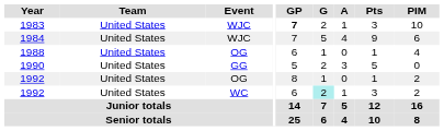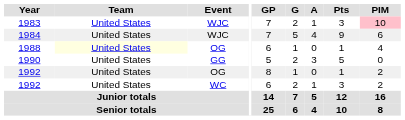 <table border="0" cellpadding="1" cellspacing="0" ID="Table3" style="text-align:center; width:40em">
 <tr ALIGN="center" bgcolor="#e0e0e0">
 <th>Year</th>
 <th>Team</th>
 <th>Event</th>
 <th rowspan="99" bgcolor="#ffffff"></th>
 <th>GP</th>
 <th>G</th>
 <th>A</th>
 <th>Pts</th>
 <th>PIM</th>
 </tr>
 <tr>
 <td><a href='#'>1983</a></td>
 <td><a href='#'>United States</a></td>
 <td><a href='#'>WJC</a></td>
-<td><strong>7</strong></td>
+<td>7</td>
 <td>2</td>
 <td>1</td>
 <td>3</td>
-<td>10</td>
+<td style="background: pink;">10</td>
 </tr>
 <tr bgcolor="#f0f0f0">
 <td><a href='#'>1984</a></td>
 <td>United States</td>
 <td>WJC</td>
 <td>7</td>
 <td>5</td>
 <td>4</td>
 <td>9</td>
 <td>6</td>
 </tr>
 <tr>
 <td><a href='#'>1988</a></td>
-<td><a href='#'>United States</a></td>
+<td style="background: lightyellow;"><a href='#'>United States</a></td>
 <td><a href='#'>OG</a></td>
 <td>6</td>
 <td>1</td>
 <td>0</td>
 <td>1</td>
 <td>4</td>
 </tr>
 <tr>
 <td><a href='#'>1990</a></td>
 <td>United States</td>
 <td><a href='#'>GG</a></td>
 <td>5</td>
 <td>2</td>
 <td>3</td>
 <td>5</td>
 <td>0</td>
 </tr>
 <tr bgcolor="#f0f0f0">
 <td><a href='#'>1992</a></td>
 <td>United States</td>
 <td>OG</td>
 <td>8</td>
 <td>1</td>
 <td>0</td>
 <td>1</td>
 <td>2</td>
 </tr>
 <tr>
 <td><a href='#'>1992</a></td>
 <td>United States</td>
 <td><a href='#'>WC</a></td>
 <td>6</td>
-<td style="background: paleturquoise;">2</td>
+<td>2</td>
 <td>1</td>
 <td>3</td>
 <td>2</td>
 </tr>
 <tr bgcolor="#e0e0e0">
 <th colspan="3">Junior totals</th>
 <th>14</th>
 <th>7</th>
 <th>5</th>
 <th>12</th>
 <th>16</th>
 </tr>
 <tr bgcolor="#e0e0e0">
 <th colspan="3">Senior totals</th>
 <th>25</th>
 <th>6</th>
 <th>4</th>
 <th>10</th>
 <th>8</th>
 </tr>
 </table>
